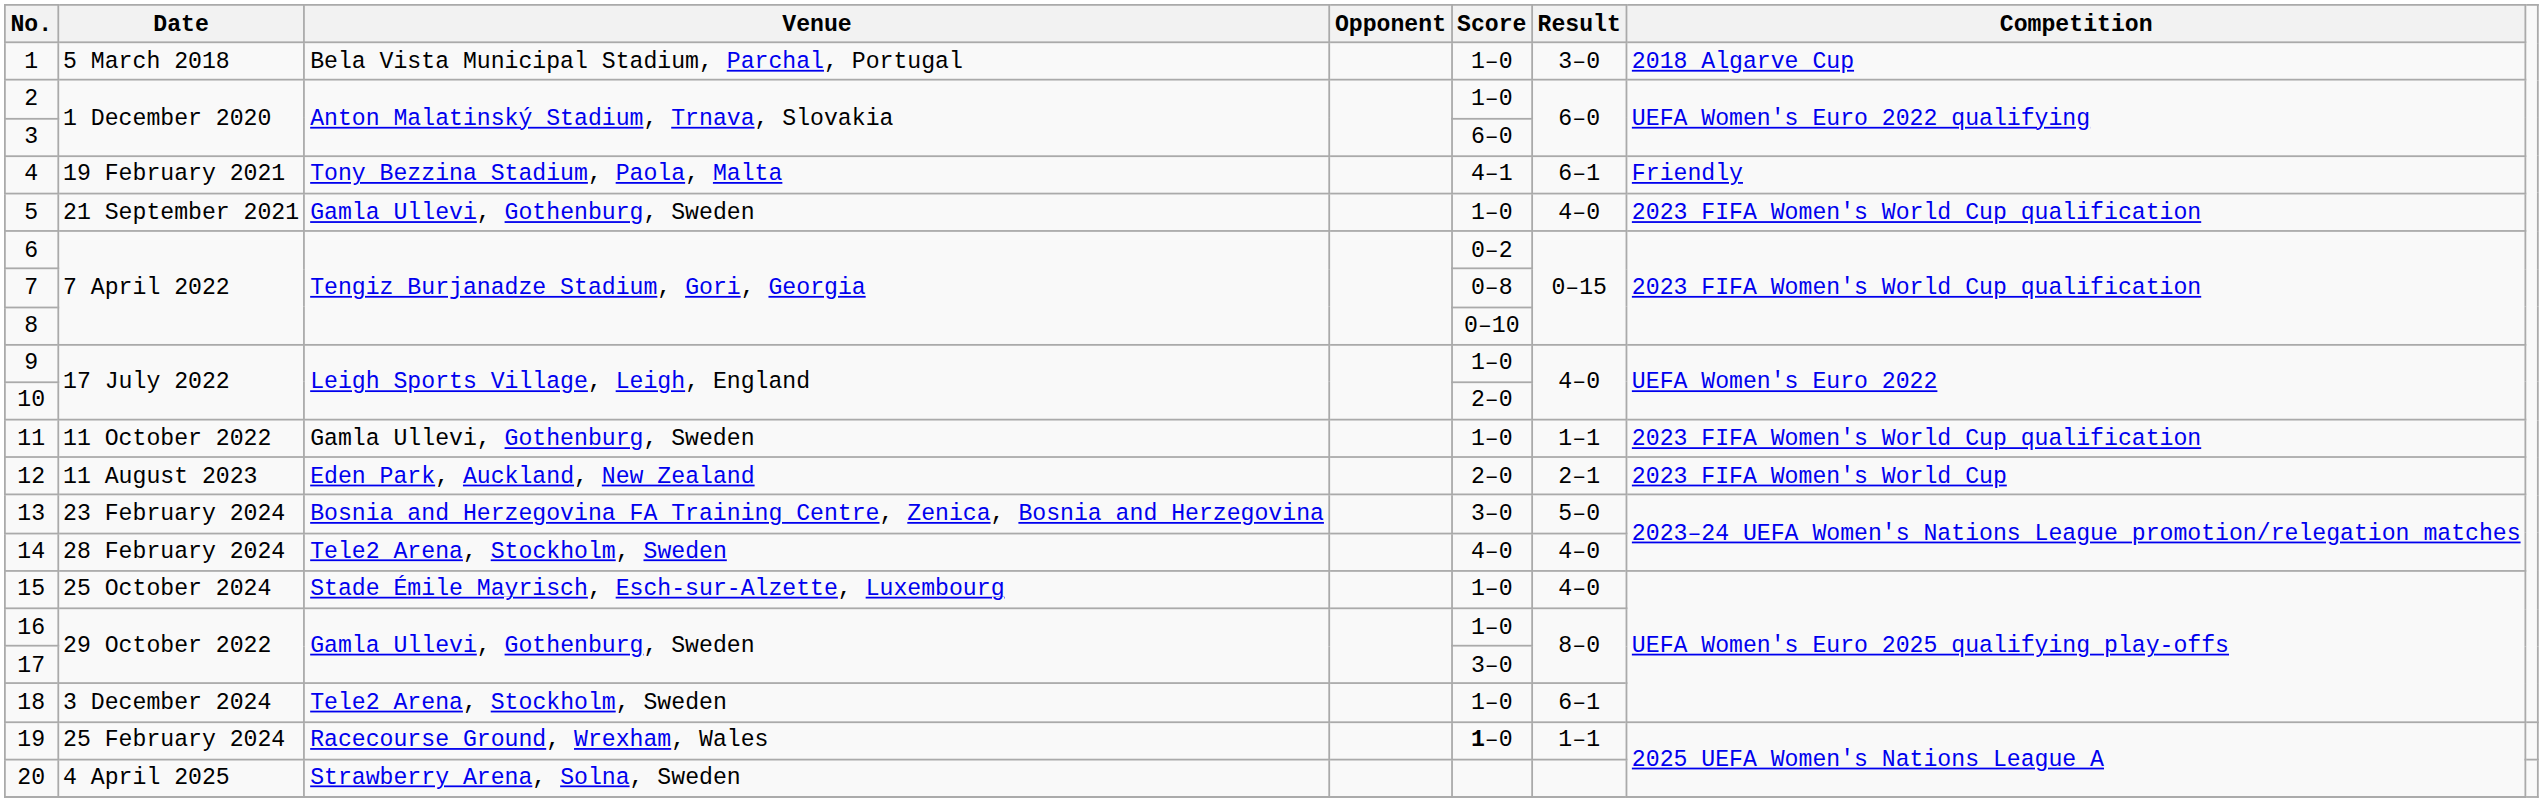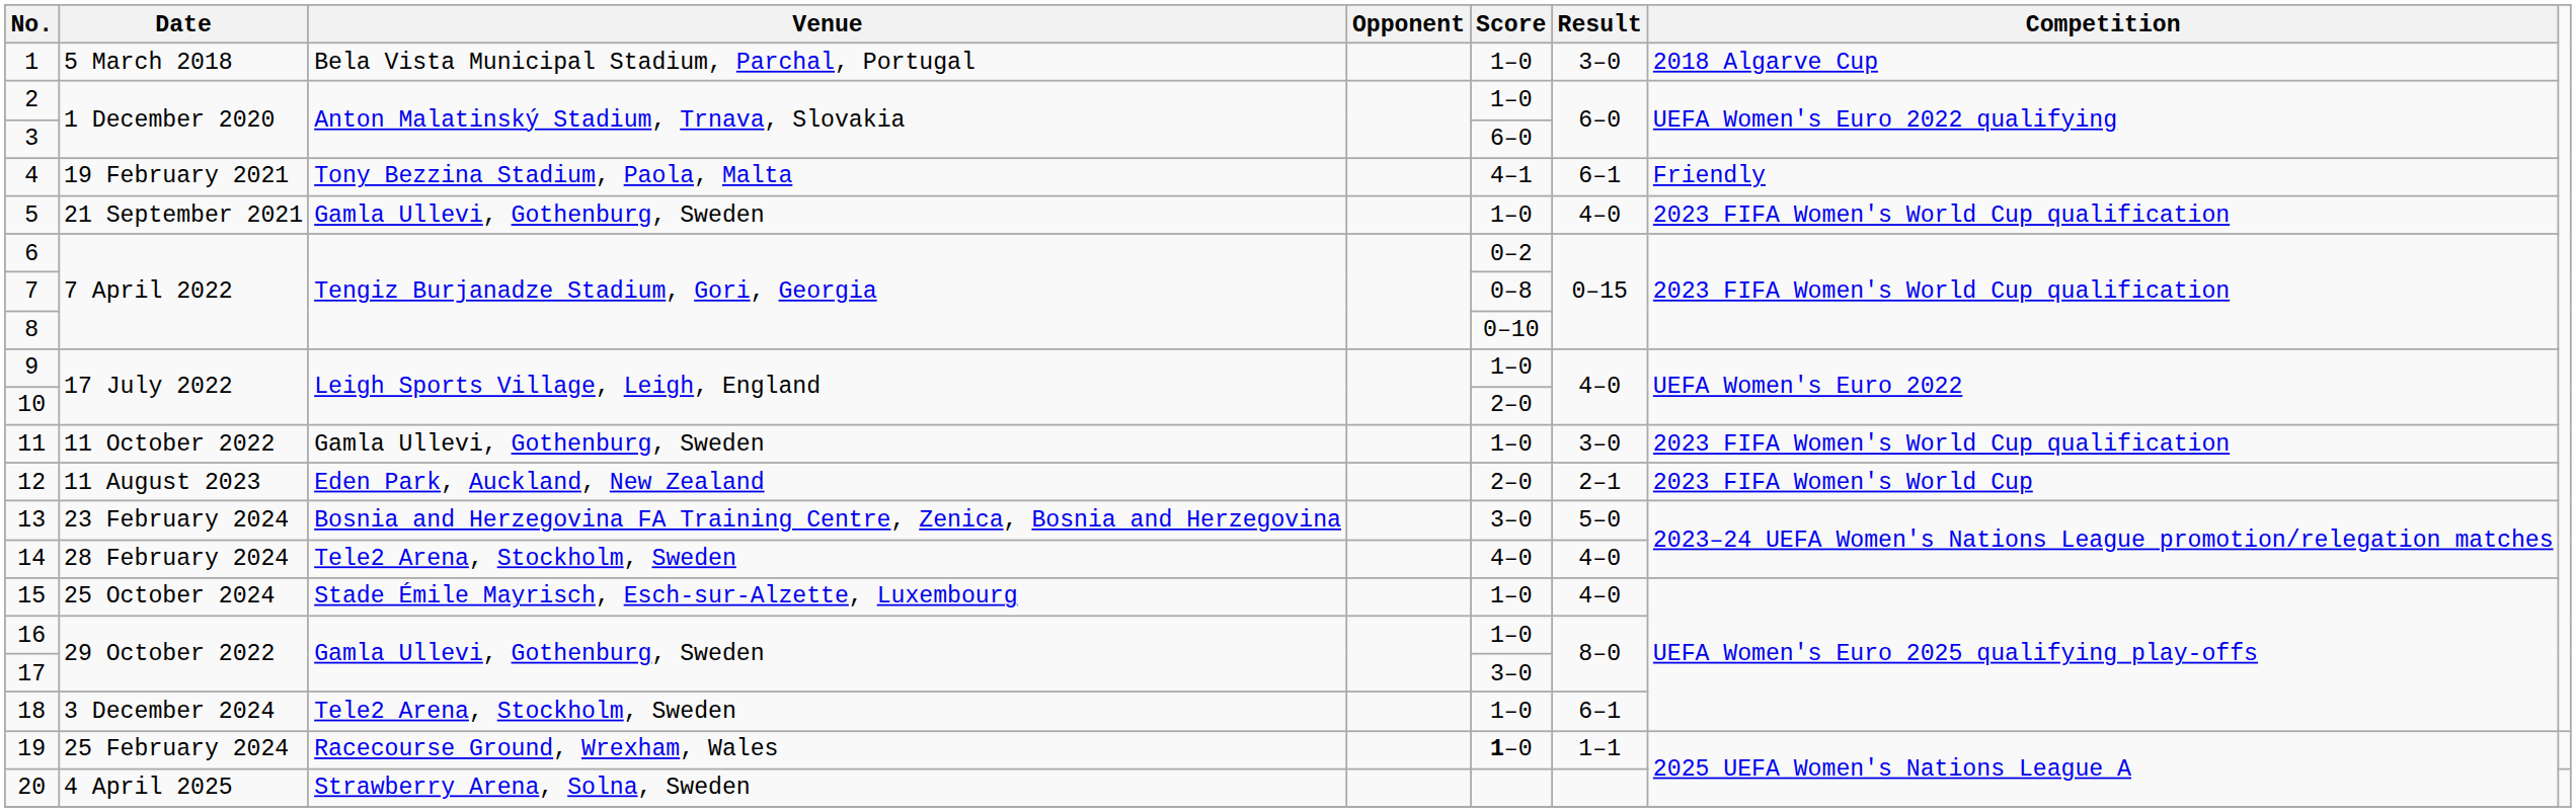 <table class="wikitable sortable">
 <tr>
 <th scope="col">No.</th>
 <th scope="col">Date</th>
 <th scope="col">Venue</th>
 <th scope="col">Opponent</th>
 <th scope="col">Score</th>
 <th scope="col">Result</th>
 <th scope="col">Competition</th>
 </tr>
 <tr>
 <td align="center">1</td>
 <td>5 March 2018</td>
 <td>Bela Vista Municipal Stadium, <a href='#'>Parchal</a>, Portugal</td>
 <td></td>
 <td align="center">1–0</td>
 <td align="center">3–0</td>
 <td><a href='#'>2018 Algarve Cup</a></td>
 </tr>
 <tr>
 <td align="center">2</td>
 <td rowspan="2">1 December 2020</td>
 <td rowspan="2"><a href='#'>Anton Malatinský Stadium</a>, <a href='#'>Trnava</a>, Slovakia</td>
 <td rowspan="2"></td>
 <td align="center">1–0</td>
 <td rowspan="2" style="text-align:center">6–0</td>
 <td rowspan="2"><a href='#'>UEFA Women's Euro 2022 qualifying</a></td>
 </tr>
 <tr>
 <td align="center">3</td>
 <td align="center">6–0</td>
 </tr>
 <tr>
 <td align="center">4</td>
 <td>19 February 2021</td>
 <td><a href='#'>Tony Bezzina Stadium</a>, <a href='#'>Paola</a>, <a href='#'>Malta</a></td>
 <td></td>
 <td align="center">4–1</td>
 <td align="center">6–1</td>
 <td><a href='#'>Friendly</a></td>
 </tr>
 <tr>
 <td align="center">5</td>
 <td>21 September 2021</td>
 <td><a href='#'>Gamla Ullevi</a>, <a href='#'>Gothenburg</a>, Sweden</td>
 <td></td>
 <td align="center">1–0</td>
 <td align="center">4–0</td>
 <td><a href='#'>2023 FIFA Women's World Cup qualification</a></td>
 </tr>
 <tr>
 <td align="center">6</td>
 <td rowspan="3">7 April 2022</td>
 <td rowspan="3"><a href='#'>Tengiz Burjanadze Stadium</a>, <a href='#'>Gori</a>, <a href='#'>Georgia</a></td>
 <td rowspan="3"></td>
 <td align="center">0–2</td>
 <td align="center" rowspan="3">0–15</td>
 <td rowspan="3"><a href='#'>2023 FIFA Women's World Cup qualification</a></td>
 </tr>
 <tr>
 <td align="center">7</td>
 <td align="center">0–8</td>
 </tr>
 <tr>
 <td align="center">8</td>
 <td align="center">0–10</td>
 </tr>
 <tr>
 <td align="center">9</td>
 <td rowspan="2">17 July 2022</td>
 <td rowspan="2"><a href='#'>Leigh Sports Village</a>, <a href='#'>Leigh</a>, England</td>
 <td rowspan="2"></td>
 <td align="center">1–0</td>
 <td rowspan="2" style="text-align:center">4–0</td>
 <td rowspan="2"><a href='#'>UEFA Women's Euro 2022</a></td>
 </tr>
 <tr>
 <td align="center">10</td>
 <td align="center">2–0</td>
 </tr>
 <tr>
 <td align="center">11</td>
 <td>11 October 2022</td>
 <td>Gamla Ullevi, <a href='#'>Gothenburg</a>, Sweden</td>
 <td></td>
 <td align="center">1–0</td>
-<td align=center>1–1</td>
+<td align="center">3–0</td>
 <td><a href='#'>2023 FIFA Women's World Cup qualification</a></td>
 </tr>
 <tr>
 <td align="center">12</td>
 <td>11 August 2023</td>
 <td><a href='#'>Eden Park</a>, <a href='#'>Auckland</a>, <a href='#'>New Zealand</a></td>
 <td></td>
 <td align="center">2–0</td>
 <td align="center">2–1</td>
 <td><a href='#'>2023 FIFA Women's World Cup</a></td>
 </tr>
 <tr>
 <td align="center">13</td>
 <td>23 February 2024</td>
 <td><a href='#'>Bosnia and Herzegovina FA Training Centre</a>, <a href='#'>Zenica</a>, <a href='#'>Bosnia and Herzegovina</a></td>
 <td></td>
 <td align="center">3–0</td>
 <td style="text-align:center">5–0</td>
 <td rowspan="2"><a href='#'>2023–24 UEFA Women's Nations League promotion/relegation matches</a></td>
 </tr>
 <tr>
 <td align="center">14</td>
 <td>28 February 2024</td>
 <td><a href='#'>Tele2 Arena</a>, <a href='#'>Stockholm</a>, <a href='#'>Sweden</a></td>
 <td></td>
 <td align="center">4–0</td>
 <td align="center">4–0</td>
 </tr>
 <tr>
 <td align="center">15</td>
 <td>25 October 2024</td>
 <td><a href='#'>Stade Émile Mayrisch</a>, <a href='#'>Esch-sur-Alzette</a>, <a href='#'>Luxembourg</a></td>
 <td></td>
 <td align="center">1–0</td>
 <td align="center">4–0</td>
 <td rowspan=4><a href='#'>UEFA Women's Euro 2025 qualifying play-offs</a></td>
 </tr>
 <tr>
 <td align="center">16</td>
 <td rowspan="2">29 October 2022</td>
 <td rowspan="2"><a href='#'>Gamla Ullevi</a>, <a href='#'>Gothenburg</a>, Sweden</td>
 <td rowspan="2"></td>
 <td align="center">1–0</td>
 <td rowspan="2" style="text-align:center">8–0</td>
 </tr>
 <tr>
 <td align="center">17</td>
 <td align="center">3–0</td>
 </tr>
 <tr>
 <td align="center">18</td>
 <td>3 December 2024</td>
 <td><a href='#'>Tele2 Arena</a>, <a href='#'>Stockholm</a>, Sweden</td>
 <td></td>
 <td align="center">1–0</td>
 <td align="center">6–1</td>
 </tr>
 <tr>
 <td align="center">19</td>
 <td>25 February 2024</td>
 <td><a href='#'>Racecourse Ground</a>, <a href='#'>Wrexham</a>, Wales</td>
 <td></td>
 <td align=center><strong>1</strong>–0</td>
 <td align=center>1–1</td>
 <td rowspan="2"><a href='#'>2025 UEFA Women's Nations League A</a></td>
 <td></td>
 </tr>
 <tr>
 <td align="center">20</td>
 <td>4 April 2025</td>
 <td><a href='#'>Strawberry Arena</a>, <a href='#'>Solna</a>, Sweden</td>
 <td></td>
 <td align=center></td>
 <td align=center></td>
 </tr>
 <tr>
 </tr>
 </table>
